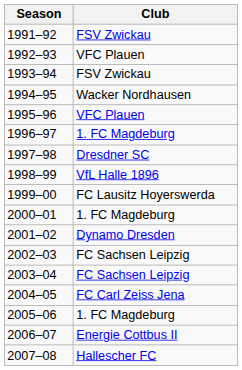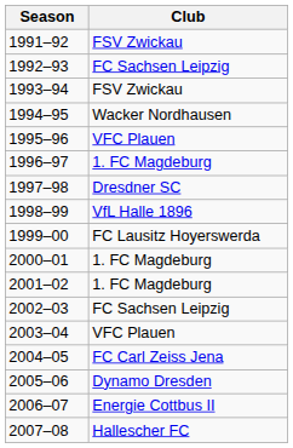 <table class="wikitable">
 <tr align="center" bgcolor="#dfdfdf">
 <th width="80">Season</th>
 <th width="200">Club</th>
 </tr>
 <tr>
 <td>1991–92</td>
 <td><a href='#'>FSV Zwickau</a></td>
 </tr>
 <tr>
 <td>1992–93</td>
-<td>VFC Plauen</td>
+<td><a href='#'>FC Sachsen Leipzig</a></td>
 </tr>
 <tr>
 <td>1993–94</td>
 <td>FSV Zwickau</td>
 </tr>
 <tr>
 <td>1994–95</td>
 <td>Wacker Nordhausen</td>
 </tr>
 <tr>
 <td>1995–96</td>
 <td><a href='#'>VFC Plauen</a></td>
 </tr>
 <tr>
 <td>1996–97</td>
 <td><a href='#'>1. FC Magdeburg</a></td>
 </tr>
 <tr>
 <td>1997–98</td>
 <td><a href='#'>Dresdner SC</a></td>
 </tr>
 <tr>
 <td>1998–99</td>
 <td><a href='#'>VfL Halle 1896</a></td>
 </tr>
 <tr>
 <td>1999–00</td>
 <td>FC Lausitz Hoyerswerda</td>
 </tr>
 <tr>
 <td>2000–01</td>
 <td>1. FC Magdeburg</td>
 </tr>
 <tr>
 <td>2001–02</td>
-<td><a href='#'>Dynamo Dresden</a></td>
+<td>1. FC Magdeburg</td>
 </tr>
 <tr>
 <td>2002–03</td>
 <td>FC Sachsen Leipzig</td>
 </tr>
 <tr>
 <td>2003–04</td>
-<td><a href='#'>FC Sachsen Leipzig</a></td>
+<td>VFC Plauen</td>
 </tr>
 <tr>
 <td>2004–05</td>
 <td><a href='#'>FC Carl Zeiss Jena</a></td>
 </tr>
 <tr>
 <td>2005–06</td>
-<td>1. FC Magdeburg</td>
+<td><a href='#'>Dynamo Dresden</a></td>
 </tr>
 <tr>
 <td>2006–07</td>
 <td><a href='#'>Energie Cottbus II</a></td>
 </tr>
 <tr>
 <td>2007–08</td>
 <td><a href='#'>Hallescher FC</a></td>
 </tr>
 </table>
